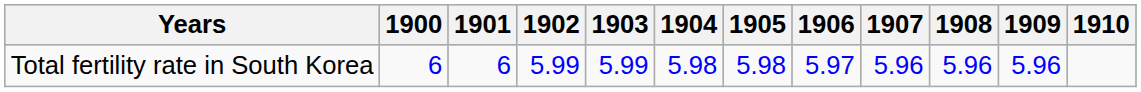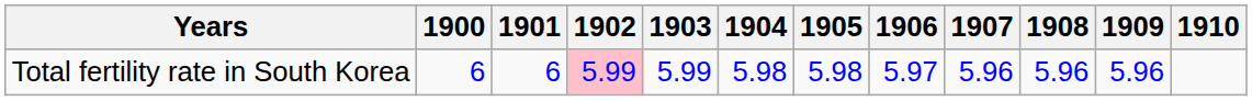 <table class="wikitable " style="text-align:right">
 <tr>
 <th>Years</th>
 <th>1900</th>
 <th>1901</th>
 <th>1902</th>
 <th>1903</th>
 <th>1904</th>
 <th>1905</th>
 <th>1906</th>
 <th>1907</th>
 <th>1908</th>
 <th>1909</th>
 <th>1910</th>
 </tr>
 <tr>
 <td align="left">Total fertility rate in South Korea</td>
 <td style="text-align:right; color:blue;">6</td>
 <td style="text-align:right; color:blue;">6</td>
-<td style="text-align:right; color:blue;">5.99</td>
+<td style="background: pink; text-align:right; color:blue;">5.99</td>
 <td style="text-align:right; color:blue;">5.99</td>
 <td style="text-align:right; color:blue;">5.98</td>
 <td style="text-align:right; color:blue;">5.98</td>
 <td style="text-align:right; color:blue;">5.97</td>
 <td style="text-align:right; color:blue;">5.96</td>
 <td style="text-align:right; color:blue;">5.96</td>
 <td style="text-align:right; color:blue;">5.96</td>
 </tr>
 </table>
